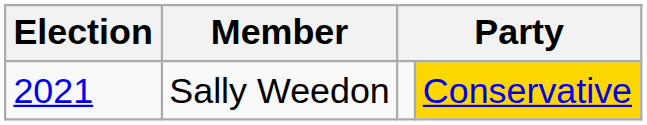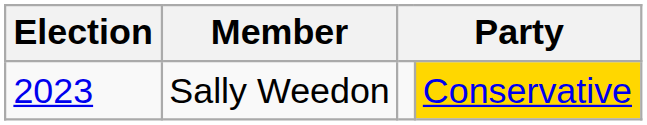 <table class="wikitable">
 <tr>
 <th>Election</th>
 <th>Member</th>
 <th colspan="2">Party</th>
 </tr>
 <tr>
-<td><a href='#'>2021</a></td>
+<td><a href='#'>2023</a></td>
 <td>Sally Weedon</td>
 <td style="background-color: "></td>
 <td style="background: gold;"><a href='#'>Conservative</a></td>
 </tr>
 </table>
